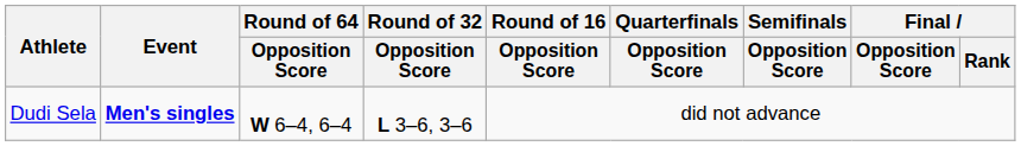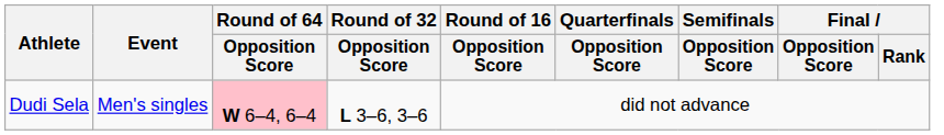 <table class=wikitable style="font-size:90%">
 <tr>
 <th rowspan="2">Athlete</th>
 <th rowspan="2">Event</th>
 <th>Round of 64</th>
 <th>Round of 32</th>
 <th>Round of 16</th>
 <th>Quarterfinals</th>
 <th>Semifinals</th>
 <th colspan=2>Final / </th>
 </tr>
 <tr style="font-size:95%">
 <th>Opposition<br> Score</th>
 <th>Opposition<br>Score</th>
 <th>Opposition<br>Score</th>
 <th>Opposition<br>Score</th>
 <th>Opposition<br>Score</th>
 <th>Opposition<br>Score</th>
 <th>Rank</th>
 </tr>
 <tr align=center>
 <td align=left><a href='#'>Dudi Sela</a></td>
-<td align=left><strong><a href='#'>Men's singles</a></strong></td>
-<td><br><strong>W</strong> 6–4, 6–4</td>
+<td align=left><a href='#'>Men's singles</a></td>
+<td style="background: pink;"><br><strong>W</strong> 6–4, 6–4</td>
 <td><br><strong>L</strong> 3–6, 3–6</td>
 <td colspan=5>did not advance</td>
 </tr>
 </table>
